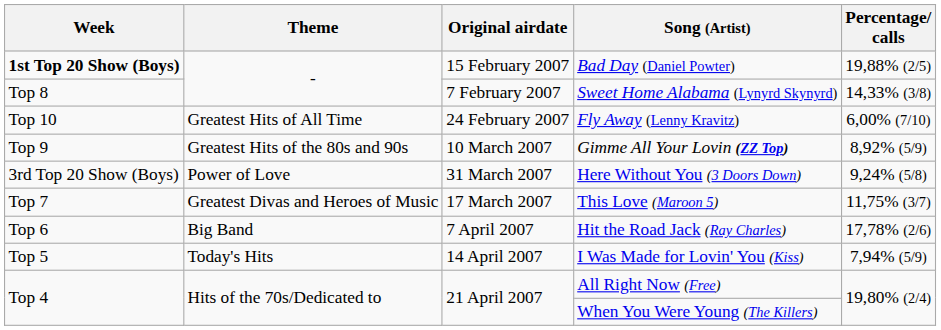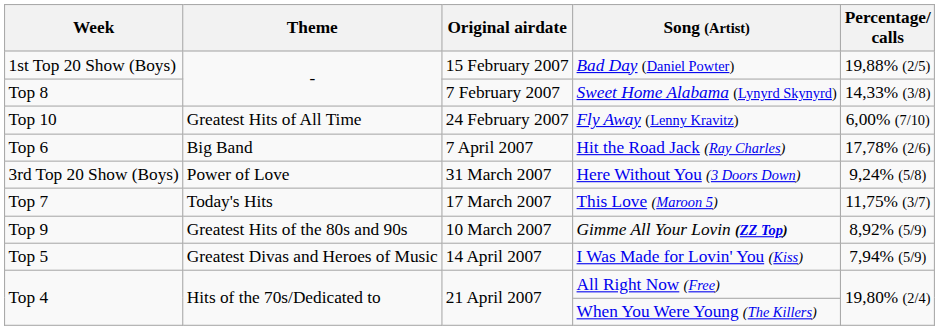 <table class="wikitable">
 <tr>
 <th>Week</th>
 <th>Theme</th>
 <th>Original airdate</th>
 <th>Song <small>(Artist)</small></th>
 <th>Percentage/<br>calls</th>
 </tr>
 <tr>
-<td align="left"><strong>1st Top 20 Show (Boys)</strong></td>
+<td align="left">1st Top 20 Show (Boys)</td>
 <td align="center" rowspan="2">-</td>
 <td>15 February 2007</td>
 <td align="left"><em><a href='#'>Bad Day</a></em> <small>(<a href='#'>Daniel Powter</a>)</small></td>
 <td>19,88% <small>(2/5)</small></td>
 </tr>
 <tr>
 <td>Top 8</td>
 <td>7 February 2007</td>
 <td align="left"><em><a href='#'>Sweet Home Alabama</a></em> <small>(<a href='#'>Lynyrd Skynyrd</a>)</small></td>
 <td align="center">14,33% <small>(3/8)</small></td>
 </tr>
 <tr>
 <td>Top 10</td>
 <td>Greatest Hits of All Time</td>
 <td>24 February 2007</td>
 <td align="left"><em><a href='#'>Fly Away</a></em> <small>(<a href='#'>Lenny Kravitz</a>)</small></td>
 <td align="center">6,00% <small>(7/10)</small></td>
 </tr>
 <tr>
-<td>Top 9</td>
-<td>Greatest Hits of the 80s and 90s</td>
-<td>10 March 2007</td>
-<td align="left"><em>Gimme All Your Lovin<strong> <small>(<a href='#'>ZZ Top</a>)</small></td>
-<td align="center">8,92% <small>(5/9)</small></td>
+<td>Top 6</td>
+<td>Big Band</td>
+<td>7 April 2007</td>
+<td></em><a href='#'>Hit the Road Jack</a><em> <small>(<a href='#'>Ray Charles</a>)</small></td>
+<td align="center">17,78% <small>(2/6)</small></td>
 </tr>
 <tr>
 <td align="left">3rd Top 20 Show (Boys)</td>
 <td>Power of Love</td>
 <td>31 March 2007</td>
 <td align="left"></em><a href='#'>Here Without You</a><em> <small>(<a href='#'>3 Doors Down</a>)</small></td>
 <td align="center">9,24% <small>(5/8)</small></td>
 </tr>
 <tr>
 <td>Top 7</td>
-<td>Greatest Divas and Heroes of Music</td>
+<td>Today's Hits</td>
 <td>17 March 2007</td>
 <td></em><a href='#'>This Love</a><em> <small>(<a href='#'>Maroon 5</a>)</small></td>
 <td align="center">11,75% <small>(3/7)</small></td>
 </tr>
 <tr>
-<td>Top 6</td>
-<td>Big Band</td>
-<td>7 April 2007</td>
-<td></em><a href='#'>Hit the Road Jack</a><em> <small>(<a href='#'>Ray Charles</a>)</small></td>
-<td align="center">17,78% <small>(2/6)</small></td>
+<td>Top 9</td>
+<td>Greatest Hits of the 80s and 90s</td>
+<td>10 March 2007</td>
+<td align="left"><em>Gimme All Your Lovin<strong> <small>(<a href='#'>ZZ Top</a>)</small></td>
+<td align="center">8,92% <small>(5/9)</small></td>
 </tr>
 <tr>
 <td>Top 5</td>
-<td>Today's Hits</td>
+<td>Greatest Divas and Heroes of Music</td>
 <td>14 April 2007</td>
 <td></em><a href='#'>I Was Made for Lovin' You</a><em> <small>(<a href='#'>Kiss</a>)</small></td>
 <td align="center">7,94% <small>(5/9)</small></td>
 </tr>
 <tr>
 <td rowspan="2">Top 4</td>
 <td rowspan="2">Hits of the 70s/Dedicated to</td>
 <td rowspan="2">21 April 2007</td>
 <td></em><a href='#'>All Right Now</a><em> <small>(<a href='#'>Free</a>)</small></td>
 <td align="center" rowspan="2">19,80% <small>(2/4)</small></td>
 </tr>
 <tr>
 <td align="left"></em><a href='#'>When You Were Young</a><em> <small>(<a href='#'>The Killers</a>)</small></td>
 </tr>
 </table>
